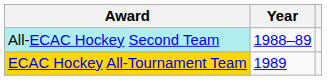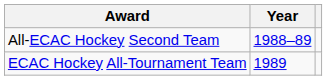 <table class="wikitable">
 <tr>
 <th>Award</th>
 <th>Year</th>
 <th></th>
 </tr>
 <tr>
-<td style="background: paleturquoise;">All-<a href='#'>ECAC Hockey</a> <a href='#'>Second Team</a></td>
+<td>All-<a href='#'>ECAC Hockey</a> <a href='#'>Second Team</a></td>
 <td><a href='#'>1988–89</a></td>
 <td></td>
 </tr>
 <tr>
-<td style="background: gold;"><a href='#'>ECAC Hockey</a> <a href='#'>All-Tournament Team</a></td>
+<td><a href='#'>ECAC Hockey</a> <a href='#'>All-Tournament Team</a></td>
 <td><a href='#'>1989</a></td>
 <td></td>
 </tr>
 </table>
